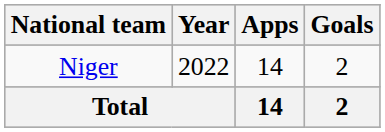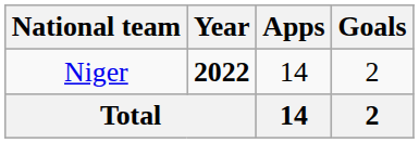 <table class=wikitable style=text-align:center>
 <tr>
 <th>National team</th>
 <th>Year</th>
 <th>Apps</th>
 <th>Goals</th>
 </tr>
 <tr>
 <td rowspan="1"><a href='#'>Niger</a></td>
-<td>2022</td>
+<td><strong>2022</strong></td>
 <td>14</td>
 <td>2</td>
 </tr>
 <tr>
 <th colspan="2">Total</th>
 <th>14</th>
 <th>2</th>
 </tr>
 </table>
